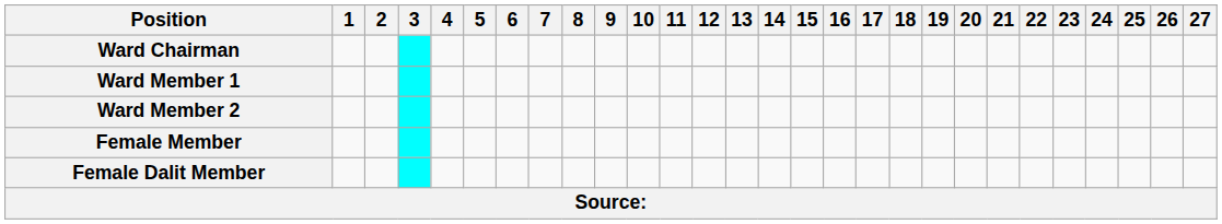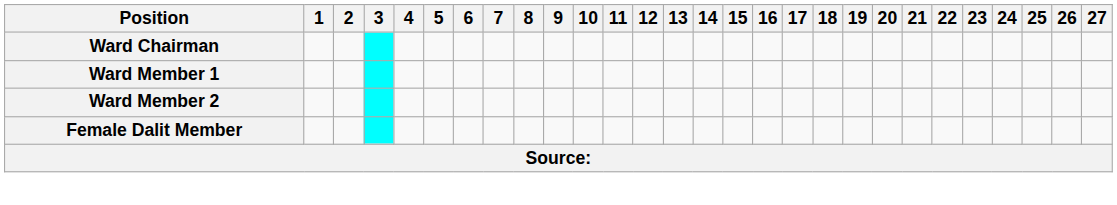 <table class="wikitable">
 <tr>
 <th style="width:25%;">Position</th>
 <th style="width:2.5%;">1</th>
 <th style="width:2.5%;">2</th>
 <th style="width:2.5%;">3</th>
 <th style="width:2.5%;">4</th>
 <th style="width:2.5%;">5</th>
 <th style="width:2.5%;">6</th>
 <th style="width:2.5%;">7</th>
 <th style="width:2.5%;">8</th>
 <th style="width:2.5%;">9</th>
 <th width="2.5%">10</th>
 <th width="2.5%">11</th>
 <th width="2.5%">12</th>
 <th width="2.5%">13</th>
 <th width="2.5%">14</th>
 <th width="2.5%">15</th>
 <th width="2.5%">16</th>
 <th width="2.5%">17</th>
 <th width="2.5%">18</th>
 <th width="2.5%">19</th>
 <th width="2.5%">20</th>
 <th width="2.5%">21</th>
 <th width="2.5%">22</th>
 <th width="2.5%">23</th>
 <th width="2.5%">24</th>
 <th width="2.5%">25</th>
 <th width="2.5%">26</th>
 <th width="2.5%">27</th>
 </tr>
 <tr>
 <th>Ward Chairman</th>
 <td style="background-color:"></td>
 <td style="background-color:"></td>
 <td style="background-color:cyan;"></td>
 <td style="background-color:"></td>
 <td style="background-color:"></td>
 <td style="background-color:"></td>
 <td style="background-color:"></td>
 <td style="background-color:"></td>
 <td style="background-color:"></td>
 <td style="background-color:"></td>
 <td style="background-color:"></td>
 <td style="background-color:"></td>
 <td style="background-color:"></td>
 <td style="background-color:"></td>
 <td style="background-color:"></td>
 <td style="background-color:"></td>
 <td style="background-color:"></td>
 <td style="background-color:"></td>
 <td style="background-color:"></td>
 <td style="background-color:"></td>
 <td style="background-color:"></td>
 <td style="background-color:"></td>
 <td style="background-color:"></td>
 <td style="background-color:"></td>
 <td style="background-color:"></td>
 <td style="background-color:"></td>
 <td style="background-color:"></td>
 </tr>
 <tr>
 <th>Ward Member 1</th>
 <td style="background-color:"></td>
 <td style="background-color:"></td>
 <td style="background-color:cyan;"></td>
 <td style="background-color:"></td>
 <td style="background-color:"></td>
 <td style="background-color:"></td>
 <td style="background-color:"></td>
 <td style="background-color:"></td>
 <td style="background-color:"></td>
 <td style="background-color:"></td>
 <td style="background-color:"></td>
 <td style="background-color:"></td>
 <td style="background-color:"></td>
 <td style="background-color:"></td>
 <td style="background-color:"></td>
 <td style="background-color:"></td>
 <td style="background-color:"></td>
 <td style="background-color:"></td>
 <td style="background-color:"></td>
 <td style="background-color:"></td>
 <td style="background-color:"></td>
 <td style="background-color:"></td>
 <td style="background-color:"></td>
 <td style="background-color:"></td>
 <td style="background-color:"></td>
 <td style="background-color:"></td>
 <td style="background-color:"></td>
 </tr>
 <tr>
 <th>Ward Member 2</th>
 <td style="background-color:"></td>
 <td style="background-color:"></td>
 <td style="background-color:cyan;"></td>
 <td style="background-color:"></td>
 <td style="background-color:"></td>
 <td style="background-color:"></td>
 <td style="background-color:"></td>
 <td style="background-color:"></td>
 <td style="background-color:"></td>
 <td style="background-color:"></td>
 <td style="background-color:"></td>
 <td style="background-color:"></td>
 <td style="background-color:"></td>
 <td style="background-color:"></td>
 <td style="background-color:"></td>
 <td style="background-color:"></td>
 <td style="background-color:"></td>
 <td style="background-color:"></td>
 <td style="background-color:"></td>
 <td style="background-color:"></td>
 <td style="background-color:"></td>
 <td style="background-color:"></td>
 <td style="background-color:"></td>
 <td style="background-color:"></td>
 <td style="background-color:"></td>
 <td style="background-color:"></td>
 <td style="background-color:"></td>
 </tr>
 <tr>
-<th>Female Member</th>
-<td style="background-color:"></td>
-<td style="background-color:"></td>
-<td style="background-color:cyan;"></td>
-<td style="background-color:"></td>
-<td style="background-color:"></td>
-<td style="background-color:"></td>
-<td style="background-color:"></td>
-<td style="background-color:"></td>
-<td style="background-color:"></td>
-<td style="background-color:"></td>
-<td style="background-color:"></td>
-<td style="background-color:"></td>
-<td style="background-color:"></td>
-<td style="background-color:"></td>
-<td style="background-color:"></td>
-<td style="background-color:"></td>
-<td style="background-color:"></td>
-<td style="background-color:"></td>
-<td style="background-color:"></td>
-<td style="background-color:"></td>
-<td style="background-color:"></td>
-<td style="background-color:"></td>
-<td style="background-color:"></td>
-<td style="background-color:"></td>
-<td style="background-color:"></td>
-<td style="background-color:"></td>
-<td style="background-color:"></td>
-</tr>
-<tr>
 <th>Female Dalit Member</th>
 <td style="background-color:"></td>
 <td style="background-color:"></td>
 <td style="background-color:cyan;"></td>
 <td style="background-color:"></td>
 <td style="background-color:"></td>
 <td style="background-color:"></td>
 <td style="background-color:"></td>
 <td style="background-color:"></td>
 <td style="background-color:"></td>
 <td style="background-color:"></td>
 <td style="background-color:"></td>
 <td style="background-color:"></td>
 <td style="background-color:"></td>
 <td style="background-color:"></td>
 <td style="background-color:"></td>
 <td style="background-color:"></td>
 <td style="background-color:"></td>
 <td style="background-color:"></td>
 <td style="background-color:"></td>
 <td style="background-color:"></td>
 <td style="background-color:"></td>
 <td style="background-color:"></td>
 <td style="background-color:"></td>
 <td style="background-color:"></td>
 <td style="background-color:"></td>
 <td style="background-color:"></td>
 <td style="background-color:"></td>
 </tr>
 <tr>
 <th colspan="28">Source: </th>
 </tr>
 </table>
